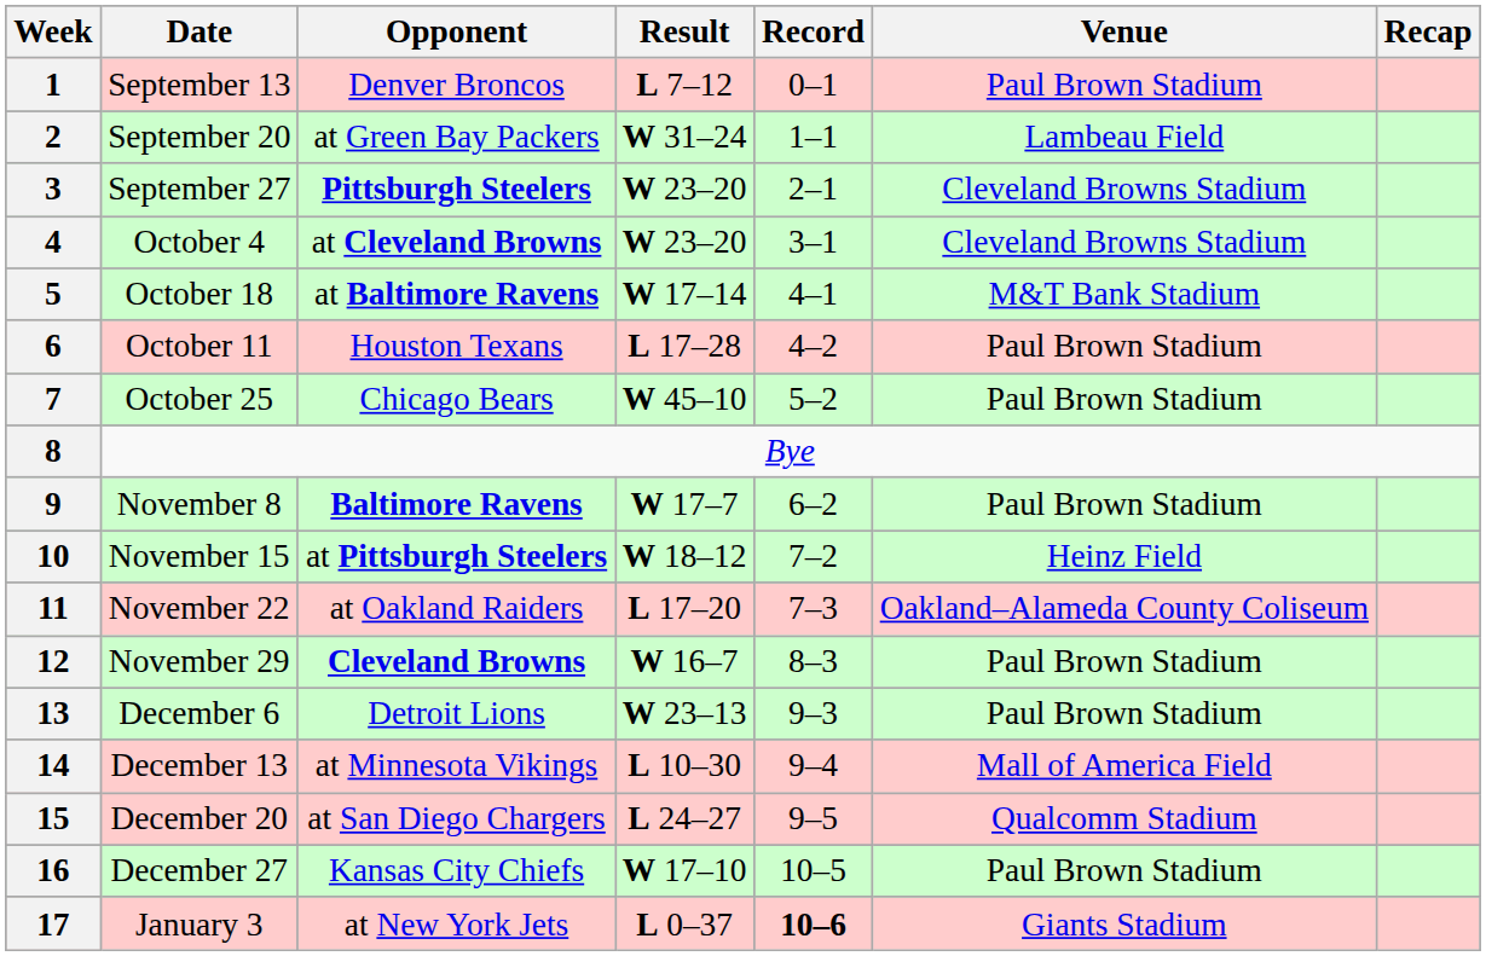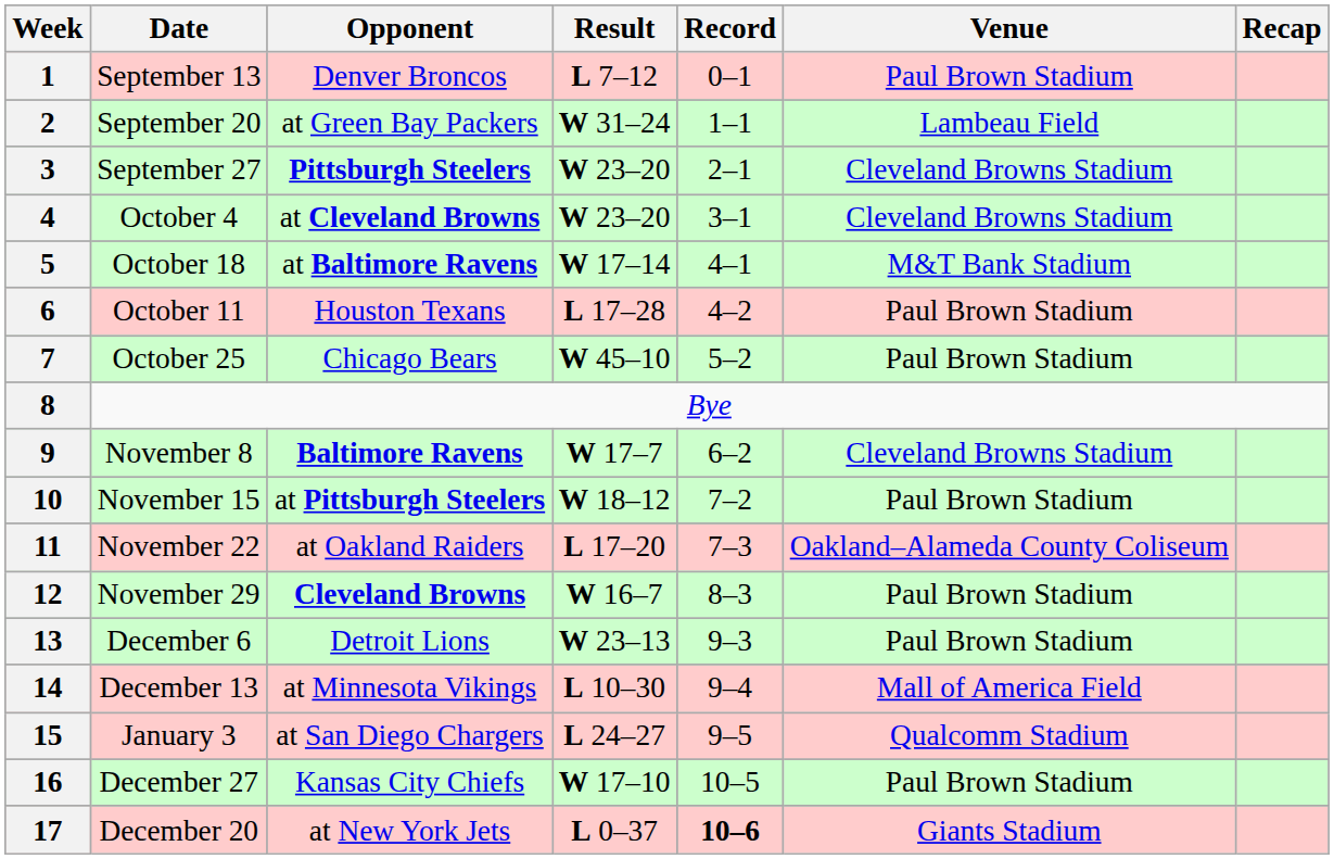 <table class="wikitable" style="text-align:center">
 <tr>
 <th>Week</th>
 <th>Date</th>
 <th>Opponent</th>
 <th>Result</th>
 <th>Record</th>
 <th>Venue</th>
 <th>Recap</th>
 </tr>
 <tr style="background:#fcc">
 <th>1</th>
 <td>September 13</td>
 <td><a href='#'>Denver Broncos</a></td>
 <td><strong>L</strong> 7–12</td>
 <td>0–1</td>
 <td><a href='#'>Paul Brown Stadium</a></td>
 <td></td>
 </tr>
 <tr style="background:#cfc">
 <th>2</th>
 <td>September 20</td>
 <td>at <a href='#'>Green Bay Packers</a></td>
 <td><strong>W</strong>  31–24</td>
 <td>1–1</td>
 <td><a href='#'>Lambeau Field</a></td>
 <td></td>
 </tr>
 <tr style="background:#cfc">
 <th>3</th>
 <td>September 27</td>
 <td><strong><a href='#'>Pittsburgh Steelers</a></strong></td>
 <td><strong>W</strong>  23–20</td>
 <td>2–1</td>
 <td><a href='#'>Cleveland Browns Stadium</a></td>
 <td></td>
 </tr>
 <tr style="background:#cfc">
 <th>4</th>
 <td>October 4</td>
 <td>at <strong><a href='#'>Cleveland Browns</a></strong></td>
 <td><strong>W</strong>  23–20 </td>
 <td>3–1</td>
 <td><a href='#'>Cleveland Browns Stadium</a></td>
 <td></td>
 </tr>
 <tr style="background:#cfc">
 <th>5</th>
 <td>October 18</td>
 <td>at <strong><a href='#'>Baltimore Ravens</a></strong></td>
 <td><strong>W</strong> 17–14</td>
 <td>4–1</td>
 <td><a href='#'>M&T Bank Stadium</a></td>
 <td></td>
 </tr>
 <tr style="background:#fcc">
 <th>6</th>
 <td>October 11</td>
 <td><a href='#'>Houston Texans</a></td>
 <td><strong>L</strong> 17–28</td>
 <td>4–2</td>
 <td>Paul Brown Stadium</td>
 <td></td>
 </tr>
 <tr style="background:#cfc">
 <th>7</th>
 <td>October 25</td>
 <td><a href='#'>Chicago Bears</a></td>
 <td><strong>W</strong> 45–10</td>
 <td>5–2</td>
 <td>Paul Brown Stadium</td>
 <td></td>
 </tr>
 <tr>
 <th>8</th>
 <td colspan="6"><em><a href='#'>Bye</a></em></td>
 </tr>
 <tr style="background:#cfc">
 <th>9</th>
 <td>November 8</td>
 <td><strong><a href='#'>Baltimore Ravens</a></strong></td>
 <td><strong>W</strong> 17–7</td>
 <td>6–2</td>
-<td>Paul Brown Stadium</td>
+<td><a href='#'>Cleveland Browns Stadium</a></td>
 <td></td>
 </tr>
 <tr style="background:#cfc">
 <th>10</th>
 <td>November 15</td>
 <td>at <strong><a href='#'>Pittsburgh Steelers</a></strong></td>
 <td><strong>W</strong> 18–12</td>
 <td>7–2</td>
-<td><a href='#'>Heinz Field</a></td>
+<td>Paul Brown Stadium</td>
 <td></td>
 </tr>
 <tr style="background:#fcc">
 <th>11</th>
 <td>November 22</td>
 <td>at <a href='#'>Oakland Raiders</a></td>
 <td><strong>L</strong> 17–20</td>
 <td>7–3</td>
 <td><a href='#'>Oakland–Alameda County Coliseum</a></td>
 <td></td>
 </tr>
 <tr style="background:#cfc">
 <th>12</th>
 <td>November 29</td>
 <td><strong><a href='#'>Cleveland Browns</a></strong></td>
 <td><strong>W</strong> 16–7</td>
 <td>8–3</td>
 <td>Paul Brown Stadium</td>
 <td></td>
 </tr>
 <tr style="background:#cfc">
 <th>13</th>
 <td>December 6</td>
 <td><a href='#'>Detroit Lions</a></td>
 <td><strong>W</strong> 23–13</td>
 <td>9–3</td>
 <td>Paul Brown Stadium</td>
 <td></td>
 </tr>
 <tr style="background:#fcc">
 <th>14</th>
 <td>December 13</td>
 <td>at <a href='#'>Minnesota Vikings</a></td>
 <td><strong>L</strong> 10–30</td>
 <td>9–4</td>
 <td><a href='#'>Mall of America Field</a></td>
 <td></td>
 </tr>
 <tr style="background:#fcc">
 <th>15</th>
-<td>December 20</td>
+<td>January 3</td>
 <td>at <a href='#'>San Diego Chargers</a></td>
 <td><strong>L</strong> 24–27</td>
 <td>9–5</td>
 <td><a href='#'>Qualcomm Stadium</a></td>
 <td></td>
 </tr>
 <tr style="background:#cfc">
 <th>16</th>
 <td>December 27</td>
 <td><a href='#'>Kansas City Chiefs</a></td>
 <td><strong>W</strong> 17–10</td>
 <td>10–5</td>
 <td>Paul Brown Stadium</td>
 <td></td>
 </tr>
 <tr style="background:#fcc">
 <th>17</th>
-<td>January 3</td>
+<td>December 20</td>
 <td>at <a href='#'>New York Jets</a></td>
 <td><strong>L</strong> 0–37</td>
 <td><strong>10–6</strong></td>
 <td><a href='#'>Giants Stadium</a></td>
 <td></td>
 </tr>
 </table>
